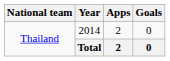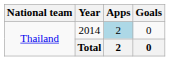 <table class="wikitable" style="text-align:center">
 <tr>
 <th>National team</th>
 <th>Year</th>
 <th>Apps</th>
 <th>Goals</th>
 </tr>
 <tr>
 <td rowspan="5" valign="center"><a href='#'>Thailand</a></td>
 <td>2014</td>
-<td>2</td>
+<td style="background: lightblue;">2</td>
 <td>0</td>
 </tr>
 <tr>
 <th>Total</th>
 <th>2</th>
 <th>0</th>
 </tr>
 </table>
